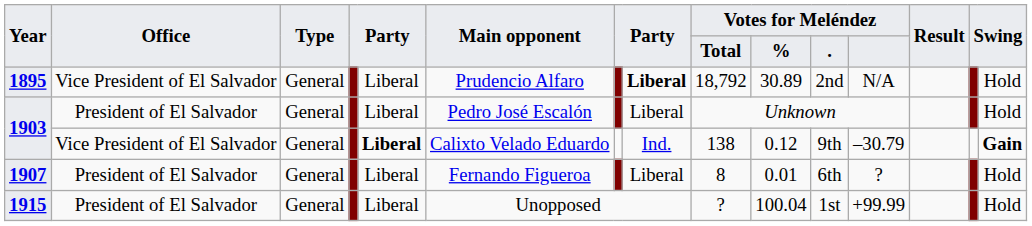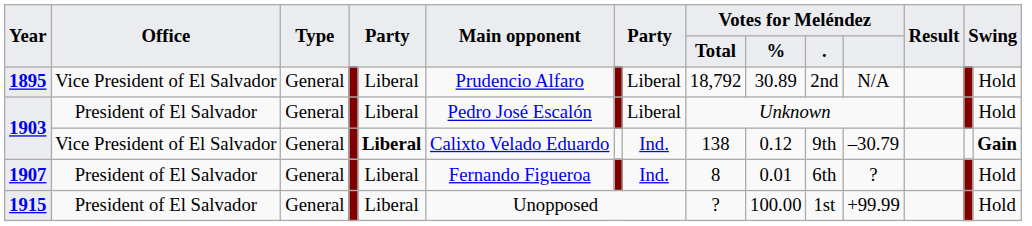 <table class="wikitable" style="font-size:90%; text-align:center;">
 <tr>
 <th style="background-color:#EAECF0;" rowspan="2">Year</th>
 <th style="background-color:#EAECF0;" rowspan="2">Office</th>
 <th style="background-color:#EAECF0;" rowspan="2">Type</th>
 <th style="background-color:#EAECF0;" colspan="2" rowspan="2">Party</th>
 <th style="background-color:#EAECF0;" rowspan="2">Main opponent</th>
 <th style="background-color:#EAECF0;" colspan="2" rowspan="2">Party</th>
 <th style="background-color:#EAECF0;" colspan="4">Votes for Meléndez</th>
 <th style="background-color:#EAECF0;" rowspan="2">Result</th>
 <th style="background-color:#EAECF0;" colspan="2" rowspan="2">Swing</th>
 </tr>
 <tr>
 <th style="background-color:#EAECF0;">Total</th>
 <th style="background-color:#EAECF0;">%</th>
 <th style="background-color:#EAECF0;">.</th>
 <th style="background-color:#EAECF0;"></th>
 </tr>
 <tr>
 <th style="background-color:#EAECF0;"><a href='#'>1895</a></th>
 <td>Vice President of El Salvador</td>
 <td>General</td>
 <td style="background-color:Maroon;"></td>
 <td>Liberal</td>
 <td><a href='#'>Prudencio Alfaro</a></td>
 <td style="background-color:Maroon;"></td>
-<td><strong>Liberal</strong></td>
+<td>Liberal</td>
 <td>18,792</td>
 <td>30.89</td>
 <td>2nd</td>
 <td>N/A</td>
 <td></td>
 <td style="background-color:Maroon;"></td>
 <td>Hold</td>
 </tr>
 <tr>
 <th style="background-color:#EAECF0;" rowspan="2"><a href='#'>1903</a></th>
 <td>President of El Salvador</td>
 <td>General</td>
 <td style="background-color:Maroon;"></td>
 <td>Liberal</td>
 <td><a href='#'>Pedro José Escalón</a></td>
 <td style="background-color:Maroon;"></td>
 <td>Liberal</td>
 <td colspan="4"><em>Unknown</em></td>
 <td></td>
 <td style="background-color:Maroon;"></td>
 <td>Hold</td>
 </tr>
 <tr>
 <td>Vice President of El Salvador</td>
 <td>General</td>
 <td style="background-color:Maroon;"></td>
 <td><strong>Liberal</strong></td>
 <td><a href='#'>Calixto Velado Eduardo</a></td>
 <td style="background-color:"></td>
 <td><a href='#'>Ind.</a></td>
 <td>138</td>
 <td>0.12</td>
 <td>9th</td>
 <td>–30.79</td>
 <td></td>
 <td style="background-color:"></td>
 <td><strong>Gain</strong></td>
 </tr>
 <tr>
 <th style="background-color:#EAECF0;"><a href='#'>1907</a></th>
 <td>President of El Salvador</td>
 <td>General</td>
 <td style="background-color:Maroon;"></td>
 <td>Liberal</td>
 <td><a href='#'>Fernando Figueroa</a></td>
 <td style="background-color:Maroon;"></td>
-<td>Liberal</td>
+<td><a href='#'>Ind.</a></td>
 <td>8</td>
 <td>0.01</td>
 <td>6th</td>
 <td>?</td>
 <td></td>
 <td style="background-color:Maroon;"></td>
 <td>Hold</td>
 </tr>
 <tr>
 <th style="background-color:#EAECF0;"><a href='#'>1915</a></th>
 <td>President of El Salvador</td>
 <td>General</td>
 <td style="background-color:Maroon;"></td>
 <td>Liberal</td>
 <td colspan="3">Unopposed</td>
 <td>?</td>
-<td>100.04</td>
+<td>100.00</td>
 <td>1st</td>
 <td>+99.99</td>
 <td></td>
 <td style="background-color:Maroon;"></td>
 <td>Hold</td>
 </tr>
 </table>
